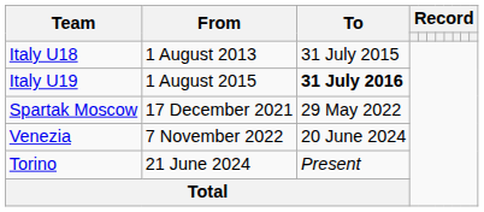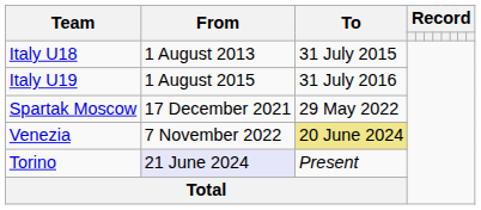 <table class="wikitable" style="text-align: center">
 <tr>
 <th rowspan="2">Team</th>
 <th rowspan="2">From</th>
 <th rowspan="2">To</th>
 <th colspan="8">Record</th>
 </tr>
 <tr>
 <th></th>
 <th></th>
 <th></th>
 <th></th>
 <th></th>
 <th></th>
 <th></th>
 <th></th>
 </tr>
 <tr>
 <td align="left"> <a href='#'>Italy U18</a></td>
 <td align=left>1 August 2013</td>
 <td align=left>31 July 2015<br></td>
 </tr>
 <tr>
 <td align="left"> <a href='#'>Italy U19</a></td>
 <td align=left>1 August 2015</td>
-<td align=left><strong>31 July 2016<br></strong></td>
+<td align=left>31 July 2016<br></td>
 </tr>
 <tr>
 <td align="left"> <a href='#'>Spartak Moscow</a></td>
 <td align=left>17 December 2021</td>
 <td align=left>29 May 2022<br></td>
 </tr>
 <tr>
 <td align="left"> <a href='#'>Venezia</a></td>
 <td align=left>7 November 2022</td>
-<td align=left>20 June 2024<br></td>
+<td align=left style="background: khaki;">20 June 2024<br></td>
 </tr>
 <tr>
 <td align=left> <a href='#'>Torino</a></td>
-<td align=left>21 June 2024</td>
+<td align=left style="background: lavender;">21 June 2024</td>
 <td align=left><em>Present</em><br></td>
 </tr>
 <tr>
 <th colspan="3">Total<br></th>
 </tr>
 </table>
